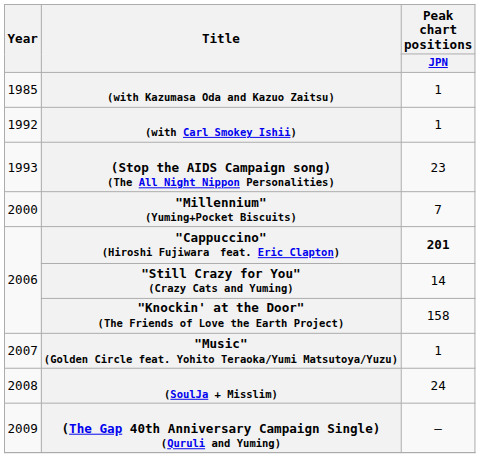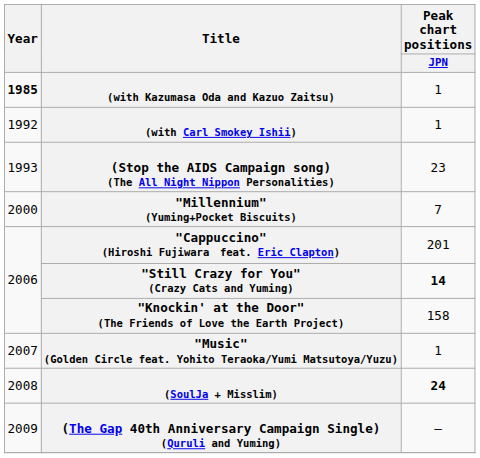 <table class="wikitable plainrowheaders" style="text-align:center;">
 <tr>
 <th rowspan="2">Year</th>
 <th rowspan="2">Title</th>
 <th colspan="1">Peak chart positions</th>
 </tr>
 <tr>
 <th style="width:3em;font-size:85%"><a href='#'>JPN</a><br></th>
 </tr>
 <tr>
-<td>1985</td>
+<td><strong>1985</strong></td>
 <th scope="row"><br><small>(with Kazumasa Oda and Kazuo Zaitsu)</small></th>
 <td>1<br></td>
 </tr>
 <tr>
 <td>1992</td>
 <th scope="row"><br><small>(with <a href='#'>Carl Smokey Ishii</a>)</small></th>
 <td>1<br></td>
 </tr>
 <tr>
 <td>1993</td>
 <th scope="row"><br>(Stop the AIDS Campaign song)<br><small>(The <a href='#'>All Night Nippon</a> Personalities)</small></th>
 <td>23<br></td>
 </tr>
 <tr>
 <td>2000</td>
 <th scope="row">"Millennium"<br><small>(Yuming+Pocket Biscuits)</small></th>
 <td>7</td>
 </tr>
 <tr>
 <td rowspan="3">2006</td>
 <th scope="row">"Cappuccino"<br><small>(Hiroshi Fujiwara　feat. <a href='#'>Eric Clapton</a>)</small></th>
-<td><strong>201<br></strong></td>
+<td>201<br></td>
 </tr>
 <tr>
 <th scope="row">"Still Crazy for You"<br><small>(Crazy Cats and Yuming)</small></th>
-<td>14</td>
+<td><strong>14</strong></td>
 </tr>
 <tr>
 <th scope="row">"Knockin' at the Door"<br><small>(The Friends of Love the Earth Project)</small></th>
 <td>158<br></td>
 </tr>
 <tr>
 <td>2007</td>
 <th scope="row">"Music"<br><small>(Golden Circle feat. Yohito Teraoka/Yumi Matsutoya/Yuzu)</small></th>
 <td>1<br></td>
 </tr>
 <tr>
 <td>2008</td>
 <th scope="row"><br><small>(<a href='#'>SoulJa</a> + Misslim)</small></th>
-<td>24</td>
+<td><strong>24</strong></td>
 </tr>
 <tr>
 <td>2009</td>
 <th scope="row"><br>(<a href='#'>The Gap</a> 40th Anniversary Campaign Single)<br><small>(<a href='#'>Quruli</a> and Yuming)</small></th>
 <td>—</td>
 </tr>
 <tr>
 </tr>
 </table>
